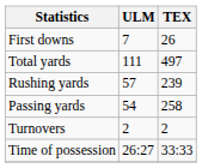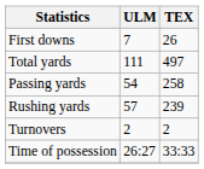 <table class="wikitable" style="float: left;">
 <tr>
 <th>Statistics</th>
 <th>ULM</th>
 <th>TEX</th>
 </tr>
 <tr>
 <td>First downs</td>
 <td>7</td>
 <td>26</td>
 </tr>
 <tr>
 <td>Total yards</td>
 <td>111</td>
 <td>497</td>
 </tr>
 <tr>
+<td>Passing yards</td>
+<td>54</td>
+<td>258</td>
+</tr>
+<tr>
 <td>Rushing yards</td>
 <td>57</td>
 <td>239</td>
-</tr>
-<tr>
-<td>Passing yards</td>
-<td>54</td>
-<td>258</td>
 </tr>
 <tr>
 <td>Turnovers</td>
 <td>2</td>
 <td>2</td>
 </tr>
 <tr>
 <td>Time of possession</td>
 <td>26:27</td>
 <td>33:33</td>
 </tr>
 <tr>
 </tr>
 </table>
